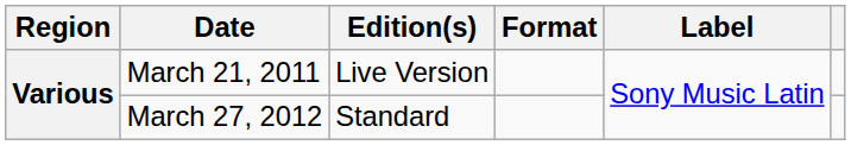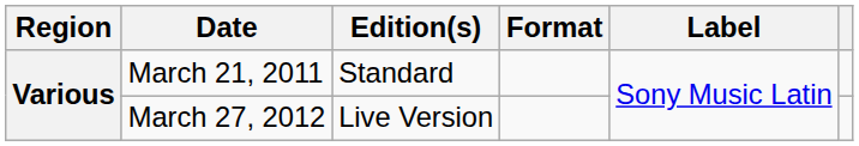 <table class="wikitable plainrowheaders">
 <tr>
 <th scope="col">Region</th>
 <th scope="col">Date</th>
 <th scope="col">Edition(s)</th>
 <th scope="col">Format</th>
 <th scope="col">Label</th>
 <th scope="col"></th>
 </tr>
 <tr>
 <th rowspan="2" scope="row">Various</th>
 <td>March 21, 2011</td>
-<td>Live Version</td>
+<td>Standard</td>
 <td></td>
 <td rowspan="2"><a href='#'>Sony Music Latin</a></td>
 <td></td>
 </tr>
 <tr>
 <td>March 27, 2012</td>
-<td>Standard</td>
+<td>Live Version</td>
 <td></td>
 <td></td>
 </tr>
 </table>
